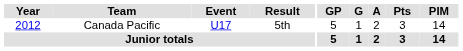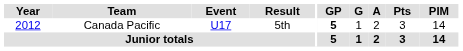 <table border="0" cellpadding="1" cellspacing="0" ID="Table3" style="text-align:center; width:40em">
 <tr bgcolor="#e0e0e0">
 <th>Year</th>
 <th>Team</th>
 <th>Event</th>
 <th>Result</th>
 <th rowspan="99" bgcolor="#ffffff"></th>
 <th>GP</th>
 <th>G</th>
 <th>A</th>
 <th>Pts</th>
 <th>PIM</th>
 </tr>
 <tr>
 <td><a href='#'>2012</a></td>
 <td>Canada Pacific</td>
 <td><a href='#'>U17</a></td>
 <td>5th</td>
-<td>5</td>
+<td><strong>5</strong></td>
 <td>1</td>
 <td>2</td>
 <td>3</td>
 <td>14</td>
 </tr>
 <tr bgcolor="#e0e0e0">
 <th colspan="4">Junior totals</th>
 <th>5</th>
 <th>1</th>
 <th>2</th>
 <th>3</th>
 <th>14</th>
 </tr>
 </table>
